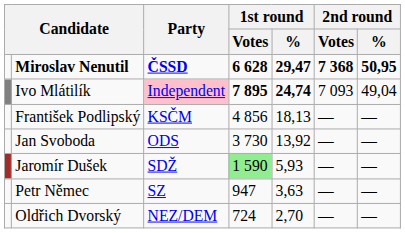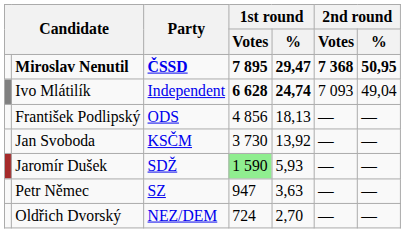 <table class="wikitable sortable">
 <tr>
 <th colspan="2" rowspan="2">Candidate</th>
 <th rowspan="2">Party</th>
 <th colspan="2">1st round</th>
 <th colspan="2">2nd round</th>
 </tr>
 <tr>
 <th>Votes</th>
 <th>%</th>
 <th>Votes</th>
 <th>%</th>
 </tr>
 <tr>
 <td style="background-color:"></td>
 <td><strong>Miroslav Nenutil</strong></td>
 <td><strong><a href='#'>ČSSD</a></strong></td>
-<td><strong>6 628</strong></td>
+<td><strong>7 895</strong></td>
 <td><strong>29,47</strong></td>
 <td><strong>7 368</strong></td>
 <td><strong>50,95</strong></td>
 </tr>
 <tr>
 <td style="background-color:grey"></td>
 <td>Ivo Mlátilík</td>
-<td style="background: pink;"><a href='#'>Independent</a></td>
-<td><strong>7 895</strong></td>
+<td><a href='#'>Independent</a></td>
+<td><strong>6 628</strong></td>
 <td><strong>24,74</strong></td>
 <td>7 093</td>
 <td>49,04</td>
 </tr>
 <tr>
 <td style="background-color:"></td>
 <td>František Podlipský</td>
-<td><a href='#'>KSČM</a></td>
+<td><a href='#'>ODS</a></td>
 <td>4 856</td>
 <td>18,13</td>
 <td>—</td>
 <td>—</td>
 </tr>
 <tr>
 <td style="background-color:"></td>
 <td>Jan Svoboda</td>
-<td><a href='#'>ODS</a></td>
+<td><a href='#'>KSČM</a></td>
 <td>3 730</td>
 <td>13,92</td>
 <td>—</td>
 <td>—</td>
 </tr>
 <tr>
 <td style="background-color:brown"></td>
 <td>Jaromír Dušek</td>
 <td><a href='#'>SDŽ</a></td>
 <td style="background: lightgreen;">1 590</td>
 <td>5,93</td>
 <td>—</td>
 <td>—</td>
 </tr>
 <tr>
 <td style="background-color:"></td>
 <td>Petr Němec</td>
 <td><a href='#'>SZ</a></td>
 <td>947</td>
 <td>3,63</td>
 <td>—</td>
 <td>—</td>
 </tr>
 <tr>
 <td style="background-color:"></td>
 <td>Oldřich Dvorský</td>
 <td><a href='#'>NEZ/DEM</a></td>
 <td>724</td>
 <td>2,70</td>
 <td>—</td>
 <td>—</td>
 </tr>
 </table>
